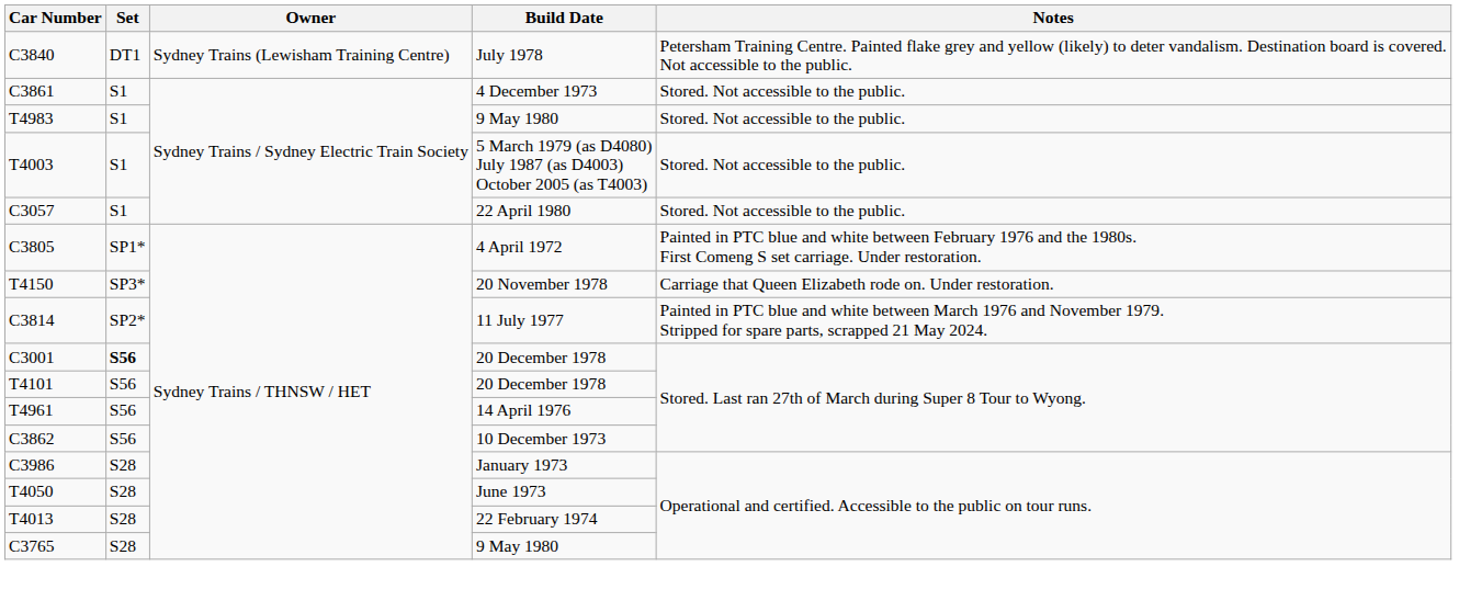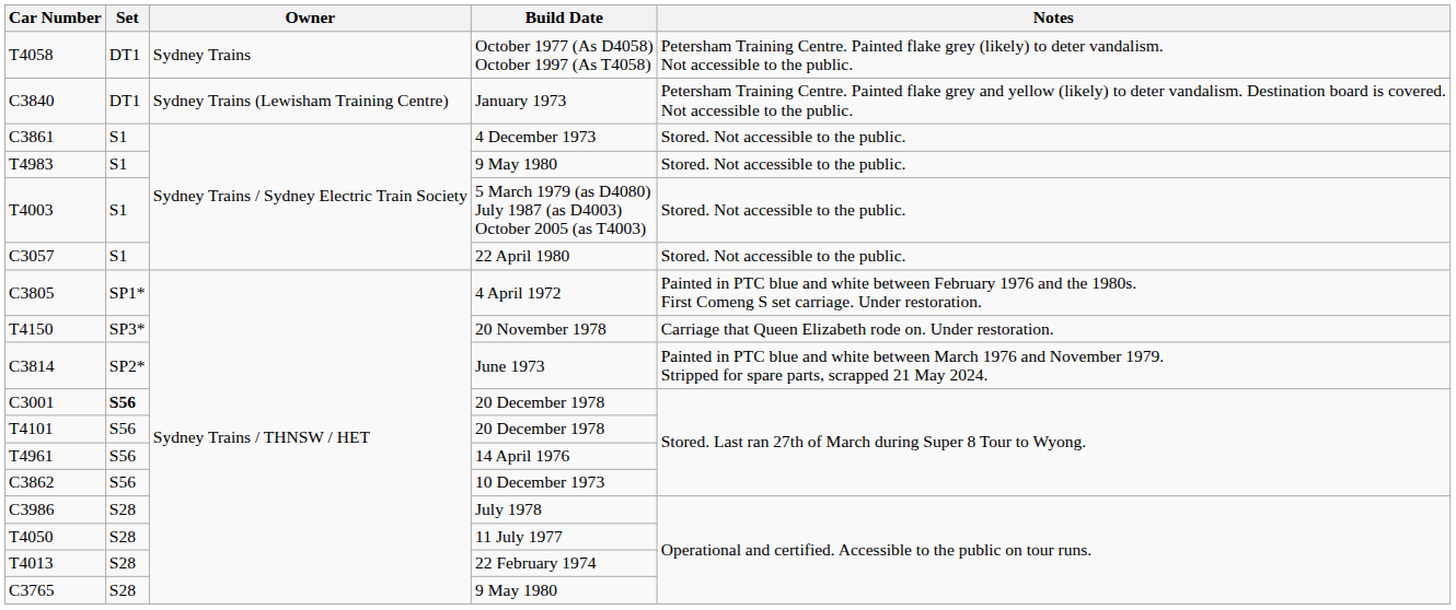 <table class="wikitable">
 <tr>
 <th>Car Number</th>
 <th>Set</th>
 <th>Owner</th>
 <th>Build Date</th>
 <th>Notes</th>
 </tr>
 <tr>
+<td>T4058</td>
+<td>DT1</td>
+<td>Sydney Trains</td>
+<td>October 1977 (As D4058)<br>October 1997 (As T4058)</td>
+<td>Petersham Training Centre. Painted flake grey (likely) to deter vandalism.<br>Not accessible to the public.</td>
+</tr>
+<tr>
 <td>C3840</td>
 <td>DT1</td>
 <td>Sydney Trains (Lewisham Training Centre)</td>
-<td>July 1978</td>
+<td>January 1973</td>
 <td>Petersham Training Centre. Painted flake grey and yellow (likely) to deter vandalism. Destination board is covered.<br>Not accessible to the public.</td>
 </tr>
 <tr>
 <td>C3861</td>
 <td>S1</td>
 <td rowspan="4">Sydney Trains / Sydney Electric Train Society</td>
 <td>4 December 1973</td>
 <td>Stored. Not accessible to the public.</td>
 </tr>
 <tr>
 <td>T4983</td>
 <td>S1</td>
 <td>9 May 1980</td>
 <td>Stored. Not accessible to the public.</td>
 </tr>
 <tr>
 <td>T4003</td>
 <td>S1</td>
 <td>5 March 1979 (as D4080)<br>July 1987 (as D4003)<br>October 2005 (as T4003)</td>
 <td>Stored. Not accessible to the public.</td>
 </tr>
 <tr>
 <td>C3057</td>
 <td>S1</td>
 <td>22 April 1980</td>
 <td>Stored. Not accessible to the public.</td>
 </tr>
 <tr>
 <td>C3805</td>
 <td>SP1*</td>
 <td rowspan="11">Sydney Trains / THNSW / HET</td>
 <td>4 April 1972</td>
 <td>Painted in PTC blue and white between February 1976 and the 1980s.<br>First Comeng S set carriage. Under restoration.</td>
 </tr>
 <tr>
 <td>T4150</td>
 <td>SP3*</td>
 <td>20 November 1978</td>
 <td>Carriage that Queen Elizabeth rode on. Under restoration.</td>
 </tr>
 <tr>
 <td>C3814</td>
 <td>SP2*</td>
-<td>11 July 1977</td>
+<td>June 1973</td>
 <td>Painted in PTC blue and white between March 1976 and November 1979.<br>Stripped for spare parts, scrapped 21 May 2024.</td>
 </tr>
 <tr>
 <td>C3001</td>
 <td><strong>S56</strong></td>
 <td>20 December 1978</td>
 <td rowspan="4">Stored. Last ran 27th of March  during Super 8 Tour to Wyong.</td>
 </tr>
 <tr>
 <td>T4101</td>
 <td>S56</td>
 <td>20 December 1978</td>
 </tr>
 <tr>
 <td>T4961</td>
 <td>S56</td>
 <td>14 April 1976</td>
 </tr>
 <tr>
 <td>C3862</td>
 <td>S56</td>
 <td>10 December 1973</td>
 </tr>
 <tr>
 <td>C3986</td>
 <td>S28</td>
-<td>January 1973</td>
+<td>July 1978</td>
 <td rowspan="4">Operational and certified. Accessible to the public on tour runs.</td>
 </tr>
 <tr>
 <td>T4050</td>
 <td>S28</td>
-<td>June 1973</td>
+<td>11 July 1977</td>
 </tr>
 <tr>
 <td>T4013</td>
 <td>S28</td>
 <td>22 February 1974</td>
 </tr>
 <tr>
 <td>C3765</td>
 <td>S28</td>
 <td>9 May 1980</td>
 </tr>
 </table>
